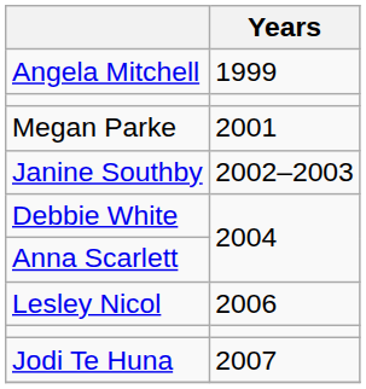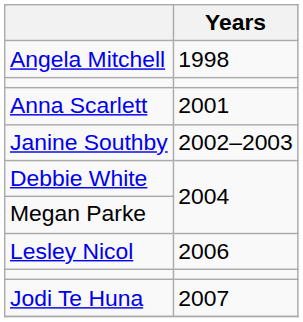 <table class="wikitable collapsible">
 <tr>
 <th></th>
 <th>Years</th>
 </tr>
 <tr>
 <td><a href='#'>Angela Mitchell</a></td>
-<td>1999</td>
+<td>1998</td>
 </tr>
 <tr>
 <td></td>
 <td></td>
 </tr>
 <tr>
-<td>Megan Parke</td>
+<td><a href='#'>Anna Scarlett</a></td>
 <td>2001</td>
 </tr>
 <tr>
 <td><a href='#'>Janine Southby</a></td>
 <td>2002–2003</td>
 </tr>
 <tr>
 <td><a href='#'>Debbie White</a></td>
 <td rowspan="2">2004</td>
 </tr>
 <tr>
-<td><a href='#'>Anna Scarlett</a></td>
+<td>Megan Parke</td>
 </tr>
 <tr>
 <td><a href='#'>Lesley Nicol</a></td>
 <td>2006</td>
 </tr>
 <tr>
 <td></td>
 <td></td>
 </tr>
 <tr>
 <td><a href='#'>Jodi Te Huna</a></td>
 <td>2007</td>
 </tr>
 <tr>
 </tr>
 </table>
